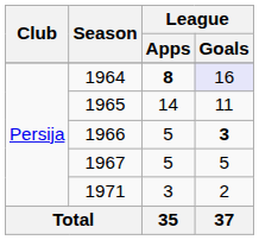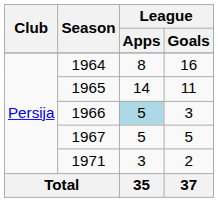 <table class="wikitable" style="text-align: center;">
 <tr>
 <th rowspan="2">Club</th>
 <th rowspan="2">Season</th>
 <th colspan="2">League</th>
 </tr>
 <tr>
 <th>Apps</th>
 <th>Goals</th>
 </tr>
 <tr>
 </tr>
 <tr>
 <td Rowspan="5" valign="center"><a href='#'>Persija</a></td>
 <td>1964</td>
-<td><strong>8</strong></td>
-<td style="background: lavender;">16</td>
+<td>8</td>
+<td>16</td>
 </tr>
 <tr>
 <td>1965</td>
 <td>14</td>
 <td>11</td>
 </tr>
 <tr>
 <td>1966</td>
-<td>5</td>
-<td><strong>3</strong></td>
+<td style="background: lightblue;">5</td>
+<td>3</td>
 </tr>
 <tr>
 <td>1967</td>
 <td>5</td>
 <td>5</td>
 </tr>
 <tr>
 <td>1971</td>
 <td>3</td>
 <td>2</td>
 </tr>
 <tr>
 <th colspan="2">Total</th>
 <th>35</th>
 <th>37</th>
 </tr>
 </table>
